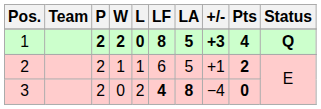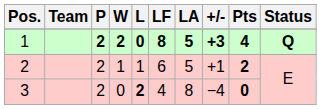 <table class="wikitable" style="text-align:center; margin: 1em auto 1em auto, align:left">
 <tr>
 <th>Pos.</th>
 <th>Team</th>
 <th>P</th>
 <th>W</th>
 <th>L</th>
 <th>LF</th>
 <th>LA</th>
 <th>+/-</th>
 <th>Pts</th>
 <th>Status</th>
 </tr>
 <tr>
 </tr>
 <tr style="background-color:#ccffcc">
 <td>1</td>
 <td style="text-align:left;"></td>
 <td><strong>2</strong></td>
 <td><strong>2</strong></td>
 <td><strong>0</strong></td>
 <td><strong>8</strong></td>
 <td><strong>5</strong></td>
 <td><strong>+3</strong></td>
 <td><strong>4</strong></td>
 <td><strong>Q</strong></td>
 </tr>
 <tr>
 </tr>
 <tr style="background-color:#FFCCCC">
 <td>2</td>
 <td style="text-align:left;"></td>
 <td>2</td>
 <td>1</td>
 <td>1</td>
 <td>6</td>
 <td>5</td>
 <td>+1</td>
 <td><strong>2</strong></td>
 <td rowspan=2>E</td>
 </tr>
 <tr style="background-color:#FFCCCC">
 <td>3</td>
 <td style="text-align:left;"></td>
 <td>2</td>
 <td>0</td>
-<td>2</td>
-<td><strong>4</strong></td>
-<td><strong>8</strong></td>
+<td><strong>2</strong></td>
+<td>4</td>
+<td>8</td>
 <td>−4</td>
 <td><strong>0</strong></td>
 </tr>
 </table>
